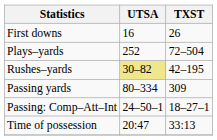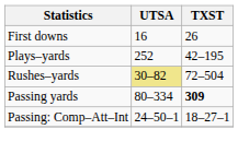 <table class="wikitable" style="float: left;">
 <tr>
 <th>Statistics</th>
 <th>UTSA</th>
 <th>TXST</th>
 </tr>
 <tr>
 <td>First downs</td>
 <td>16</td>
 <td>26</td>
 </tr>
 <tr>
 <td>Plays–yards</td>
 <td>252</td>
-<td>72–504</td>
+<td>42–195</td>
 </tr>
 <tr>
 <td>Rushes–yards</td>
 <td style="background: khaki;">30–82</td>
-<td>42–195</td>
+<td>72–504</td>
 </tr>
 <tr>
 <td>Passing yards</td>
 <td>80–334</td>
-<td>309</td>
+<td><strong>309</strong></td>
 </tr>
 <tr>
 <td>Passing: Comp–Att–Int</td>
 <td>24–50–1</td>
 <td>18–27–1</td>
 </tr>
 <tr>
-<td>Time of possession</td>
-<td>20:47</td>
-<td>33:13</td>
-</tr>
-<tr>
 </tr>
 </table>
